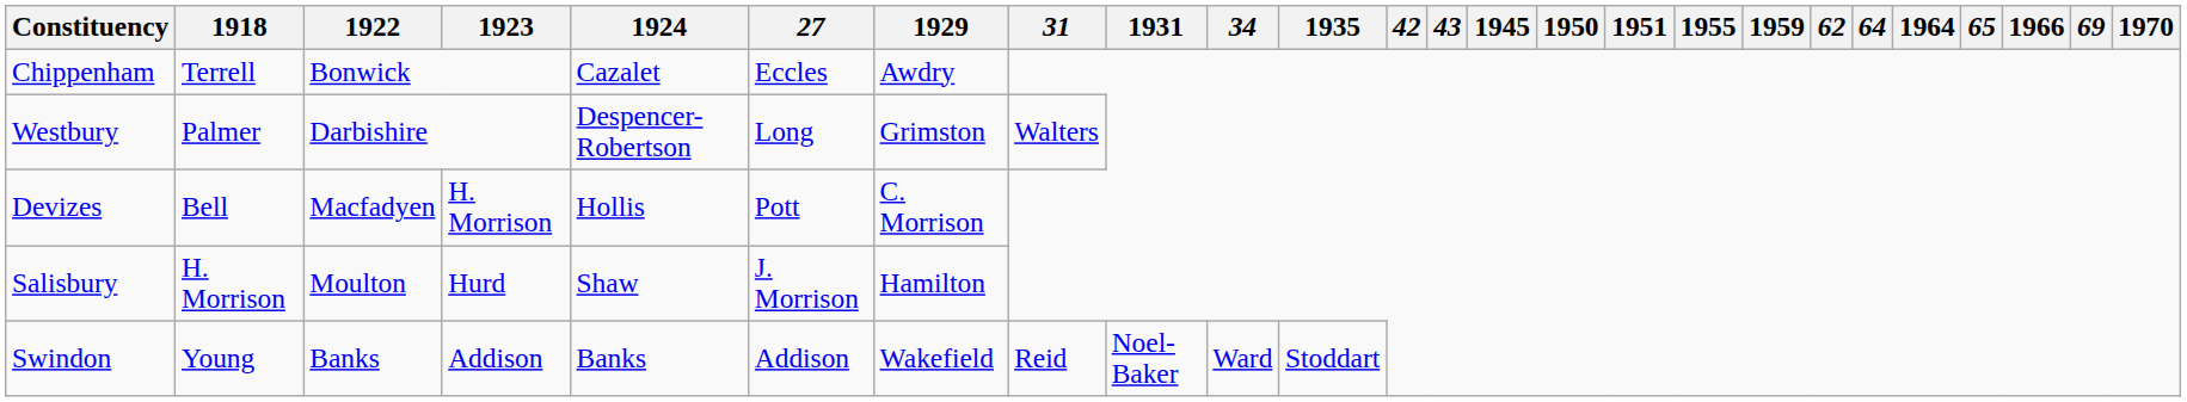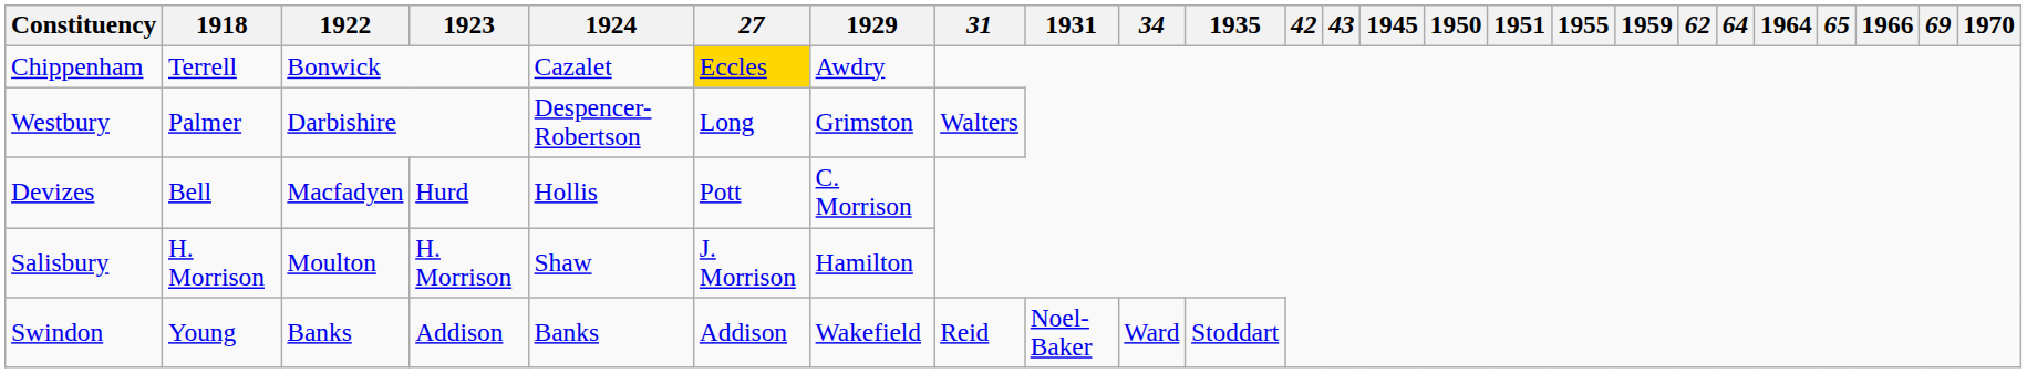 <table class="wikitable">
 <tr>
 <th>Constituency</th>
 <th>1918</th>
 <th>1922</th>
 <th>1923</th>
 <th>1924</th>
 <th><em>27</em></th>
 <th>1929</th>
 <th><em>31</em></th>
 <th>1931</th>
 <th><em>34</em></th>
 <th>1935</th>
 <th><em>42</em></th>
 <th><em>43</em></th>
 <th>1945</th>
 <th>1950</th>
 <th>1951</th>
 <th>1955</th>
 <th>1959</th>
 <th><em>62</em></th>
 <th><em>64</em></th>
 <th>1964</th>
 <th><em>65</em></th>
 <th>1966</th>
 <th><em>69</em></th>
 <th>1970</th>
 </tr>
 <tr>
 <td><a href='#'>Chippenham</a></td>
 <td><a href='#'>Terrell</a></td>
 <td colspan="2"><a href='#'>Bonwick</a></td>
 <td><a href='#'>Cazalet</a></td>
-<td><a href='#'>Eccles</a></td>
+<td style="background: gold;"><a href='#'>Eccles</a></td>
 <td><a href='#'>Awdry</a></td>
 </tr>
 <tr>
 <td><a href='#'>Westbury</a></td>
 <td><a href='#'>Palmer</a></td>
 <td colspan="2"><a href='#'>Darbishire</a></td>
 <td><a href='#'>Despencer-Robertson</a></td>
 <td><a href='#'>Long</a></td>
 <td><a href='#'>Grimston</a></td>
 <td><a href='#'>Walters</a></td>
 </tr>
 <tr>
 <td><a href='#'>Devizes</a></td>
 <td><a href='#'>Bell</a></td>
 <td><a href='#'>Macfadyen</a></td>
-<td><a href='#'>H. Morrison</a></td>
+<td><a href='#'>Hurd</a></td>
 <td><a href='#'>Hollis</a></td>
 <td><a href='#'>Pott</a></td>
 <td><a href='#'>C. Morrison</a></td>
 </tr>
 <tr>
 <td><a href='#'>Salisbury</a></td>
 <td><a href='#'>H. Morrison</a></td>
 <td><a href='#'>Moulton</a></td>
-<td><a href='#'>Hurd</a></td>
+<td><a href='#'>H. Morrison</a></td>
 <td><a href='#'>Shaw</a></td>
 <td><a href='#'>J. Morrison</a></td>
 <td><a href='#'>Hamilton</a></td>
 </tr>
 <tr>
 <td><a href='#'>Swindon</a></td>
 <td><a href='#'>Young</a></td>
 <td><a href='#'>Banks</a></td>
 <td><a href='#'>Addison</a></td>
 <td><a href='#'>Banks</a></td>
 <td><a href='#'>Addison</a></td>
 <td><a href='#'>Wakefield</a></td>
 <td><a href='#'>Reid</a></td>
 <td><a href='#'>Noel-Baker</a></td>
 <td><a href='#'>Ward</a></td>
 <td><a href='#'>Stoddart</a></td>
 </tr>
 </table>
